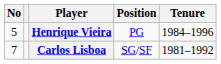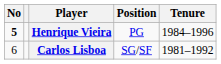 <table class="wikitable sortable plainrowheaders" style="text-align:center">
 <tr>
 <th scope="col">No</th>
 <th scope="col"></th>
 <th scope="col">Player</th>
 <th scope="col">Position</th>
 <th scope="col">Tenure</th>
 </tr>
 <tr>
-<td>5</td>
+<td><strong>5</strong></td>
 <td></td>
 <th scope="row"><a href='#'>Henrique Vieira</a></th>
 <td><a href='#'>PG</a></td>
 <td>1984–1996</td>
 </tr>
 <tr>
-<td>7</td>
+<td>6</td>
 <td></td>
 <th scope="row"><a href='#'>Carlos Lisboa</a></th>
 <td><a href='#'>SG</a>/<a href='#'>SF</a></td>
 <td>1981–1992</td>
 </tr>
 </table>
